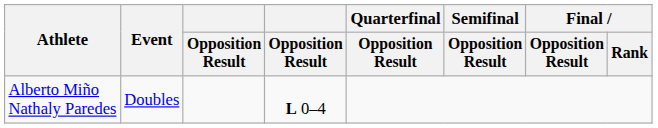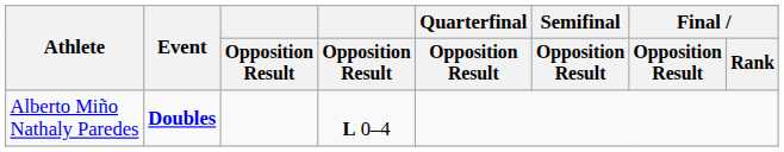 <table class=wikitable style=font-size:90%;text-align:center>
 <tr>
 <th rowspan=2>Athlete</th>
 <th rowspan=2>Event</th>
 <th></th>
 <th></th>
 <th>Quarterfinal</th>
 <th>Semifinal</th>
 <th colspan=2>Final / </th>
 </tr>
 <tr style=font-size:95%>
 <th>Opposition<br>Result</th>
 <th>Opposition<br>Result</th>
 <th>Opposition<br>Result</th>
 <th>Opposition<br>Result</th>
 <th>Opposition<br>Result</th>
 <th>Rank</th>
 </tr>
 <tr align=center>
 <td align=left><a href='#'>Alberto Miño</a><br><a href='#'>Nathaly Paredes</a></td>
-<td align=left><a href='#'>Doubles</a></td>
+<td align=left><strong><a href='#'>Doubles</a></strong></td>
 <td></td>
 <td><br><strong>L</strong> 0–4</td>
 </tr>
 </table>
